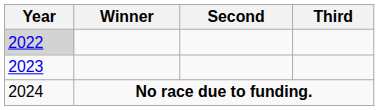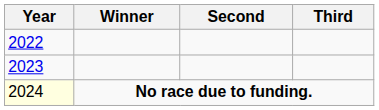 <table class="wikitable" style="font-size:100%" width=60%>
 <tr>
 <th>Year</th>
 <th>Winner</th>
 <th>Second</th>
 <th>Third</th>
 </tr>
 <tr>
-<td style="background: lightgrey;"><a href='#'>2022</a></td>
+<td><a href='#'>2022</a></td>
 <td></td>
 <td></td>
 <td></td>
 </tr>
 <tr>
 <td><a href='#'>2023</a></td>
 <td></td>
 <td></td>
 <td></td>
 </tr>
 <tr>
-<td>2024</td>
+<td style="background: lightyellow;">2024</td>
 <td colspan="3" style="text-align: center;"><strong>No race due to funding.</strong></td>
 </tr>
 </table>
